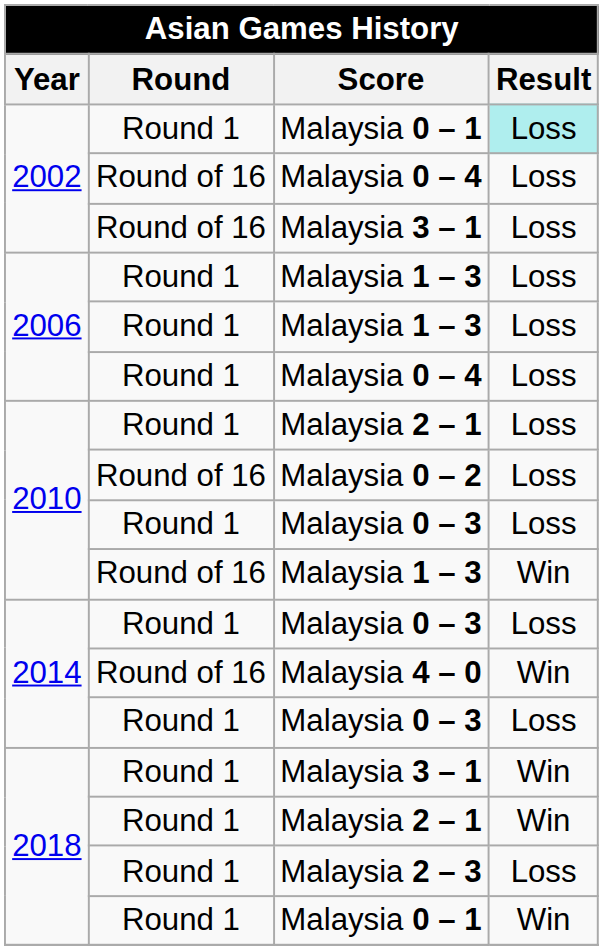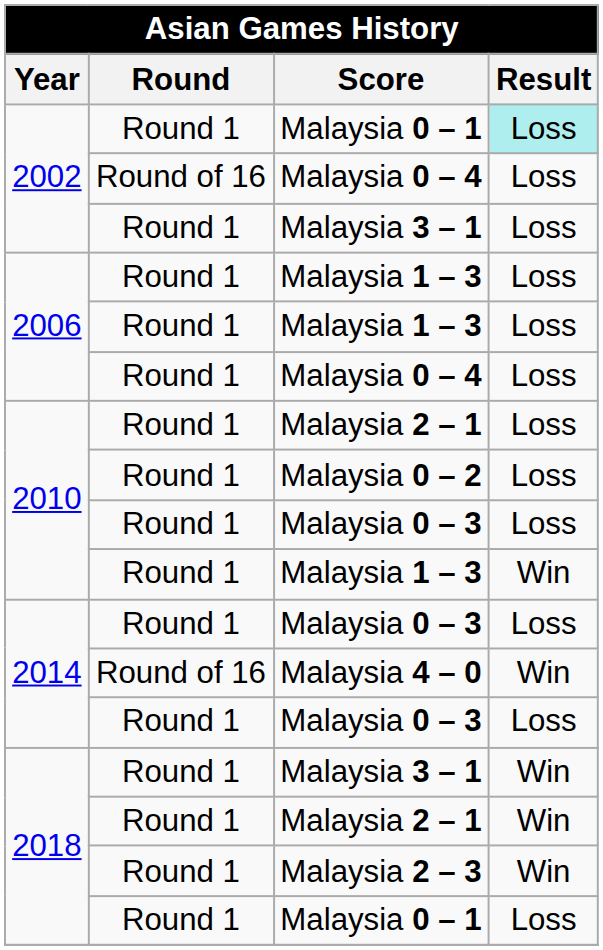 <table class="wikitable collapsible collapsed" style="text-align: center;">
 <tr>
 <th colspan=4 style="background: #000000; color: #FFFFFF;">Asian Games History</th>
 </tr>
 <tr>
 <th>Year</th>
 <th>Round</th>
 <th>Score</th>
 <th>Result</th>
 </tr>
 <tr>
 <td rowspan=3><a href='#'>2002</a></td>
 <td>Round 1</td>
 <td align="left"> Malaysia <strong>0 – 1</strong> </td>
 <td style="background: paleturquoise;">Loss</td>
 </tr>
 <tr>
 <td>Round of 16</td>
 <td align="left"> Malaysia <strong>0 – 4</strong> </td>
 <td>Loss</td>
 </tr>
 <tr>
-<td>Round of 16</td>
+<td>Round 1</td>
 <td align="left"> Malaysia <strong>3 – 1</strong> </td>
 <td>Loss</td>
 </tr>
 <tr>
 <td rowspan=3><a href='#'>2006</a></td>
 <td>Round 1</td>
 <td align="left"> Malaysia <strong>1 – 3</strong> </td>
 <td>Loss</td>
 </tr>
 <tr>
 <td>Round 1</td>
 <td align="left"> Malaysia <strong>1 – 3</strong> </td>
 <td>Loss</td>
 </tr>
 <tr>
 <td>Round 1</td>
 <td align="left"> Malaysia <strong>0 – 4</strong> </td>
 <td>Loss</td>
 </tr>
 <tr>
 <td rowspan=4><a href='#'>2010</a></td>
 <td>Round 1</td>
 <td align="left"> Malaysia <strong>2 – 1</strong> </td>
 <td>Loss</td>
 </tr>
 <tr>
-<td>Round of 16</td>
+<td>Round 1</td>
 <td align="left"> Malaysia <strong>0 – 2</strong> </td>
 <td>Loss</td>
 </tr>
 <tr>
 <td>Round 1</td>
 <td align="left"> Malaysia <strong>0 – 3</strong> </td>
 <td>Loss</td>
 </tr>
 <tr>
-<td>Round of 16</td>
+<td>Round 1</td>
 <td align="left"> Malaysia <strong>1 – 3</strong> </td>
 <td>Win</td>
 </tr>
 <tr>
 <td rowspan=3><a href='#'>2014</a></td>
 <td>Round 1</td>
 <td align="left"> Malaysia <strong>0 – 3</strong> </td>
 <td>Loss</td>
 </tr>
 <tr>
 <td>Round of 16</td>
 <td align="left"> Malaysia <strong>4 – 0</strong> </td>
 <td>Win</td>
 </tr>
 <tr>
 <td>Round 1</td>
 <td align="left"> Malaysia <strong>0 – 3</strong> </td>
 <td>Loss</td>
 </tr>
 <tr>
 <td rowspan=4><a href='#'>2018</a></td>
 <td>Round 1</td>
 <td align="left"> Malaysia <strong>3 – 1</strong> </td>
 <td>Win</td>
 </tr>
 <tr>
 <td>Round 1</td>
 <td align="left"> Malaysia <strong>2 – 1</strong> </td>
 <td>Win</td>
 </tr>
 <tr>
 <td>Round 1</td>
 <td align="left"> Malaysia <strong>2 – 3</strong> </td>
-<td>Loss</td>
+<td>Win</td>
 </tr>
 <tr>
 <td>Round 1</td>
 <td align="left"> Malaysia <strong>0 – 1</strong> </td>
-<td>Win</td>
+<td>Loss</td>
 </tr>
 <tr>
 </tr>
 </table>
